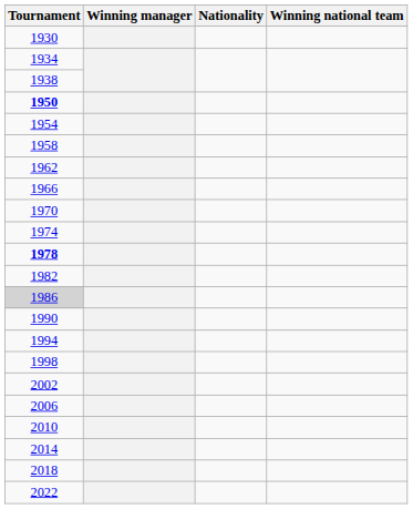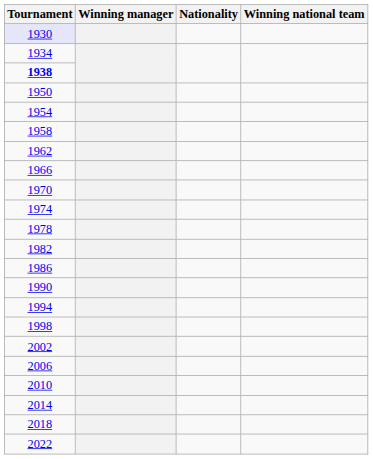 <table class="sortable wikitable plainrowheaders">
 <tr>
 <th scope="col">Tournament</th>
 <th scope="col">Winning manager</th>
 <th scope="col">Nationality</th>
 <th scope="col">Winning national team</th>
 </tr>
 <tr>
-<td style="text-align: center;"><a href='#'>1930</a></td>
+<td style="background: lavender; text-align: center;"><a href='#'>1930</a></td>
 <th scope="row"></th>
 <td></td>
 <td></td>
 </tr>
 <tr>
 <td style="text-align: center;"><a href='#'>1934</a></td>
 <th rowspan="2" scope="row"></th>
 <td rowspan="2"></td>
 <td rowspan="2"></td>
 </tr>
 <tr>
-<td style="text-align: center;"><a href='#'>1938</a></td>
+<td style="text-align: center;"><strong><a href='#'>1938</a></strong></td>
 </tr>
 <tr Juan López Fontana>
-<td style="text-align: center;"><strong><a href='#'>1950</a></strong></td>
+<td style="text-align: center;"><a href='#'>1950</a></td>
 <th scope="row"></th>
 <td></td>
 <td></td>
 </tr>
 <tr>
 <td style="text-align: center;"><a href='#'>1954</a></td>
 <th scope="row"></th>
 <td></td>
 <td></td>
 </tr>
 <tr>
 <td style="text-align: center;"><a href='#'>1958</a></td>
 <th scope="row"></th>
 <td></td>
 <td></td>
 </tr>
 <tr>
 <td style="text-align: center;"><a href='#'>1962</a></td>
 <th scope="row"></th>
 <td></td>
 <td></td>
 </tr>
 <tr>
 <td style="text-align: center;"><a href='#'>1966</a></td>
 <th scope="row"></th>
 <td></td>
 <td></td>
 </tr>
 <tr>
 <td style="text-align: center;"><a href='#'>1970</a></td>
 <th scope="row"></th>
 <td></td>
 <td></td>
 </tr>
 <tr>
 <td style="text-align: center;"><a href='#'>1974</a></td>
 <th scope="row"></th>
 <td></td>
 <td></td>
 </tr>
 <tr>
-<td style="text-align: center;"><strong><a href='#'>1978</a></strong></td>
+<td style="text-align: center;"><a href='#'>1978</a></td>
 <th scope="row"></th>
 <td></td>
 <td></td>
 </tr>
 <tr>
 <td style="text-align: center;"><a href='#'>1982</a></td>
 <th scope="row"></th>
 <td></td>
 <td></td>
 </tr>
 <tr>
-<td style="background: lightgrey; text-align: center;"><a href='#'>1986</a></td>
+<td style="text-align: center;"><a href='#'>1986</a></td>
 <th scope="row"></th>
 <td></td>
 <td></td>
 </tr>
 <tr>
 <td style="text-align: center;"><a href='#'>1990</a></td>
 <th scope="row"></th>
 <td></td>
 <td></td>
 </tr>
 <tr>
 <td style="text-align: center;"><a href='#'>1994</a></td>
 <th scope="row"></th>
 <td></td>
 <td></td>
 </tr>
 <tr>
 <td style="text-align: center;"><a href='#'>1998</a></td>
 <th scope="row"></th>
 <td></td>
 <td></td>
 </tr>
 <tr>
 <td style="text-align: center;"><a href='#'>2002</a></td>
 <th scope="row"></th>
 <td></td>
 <td></td>
 </tr>
 <tr>
 <td style="text-align: center;"><a href='#'>2006</a></td>
 <th scope="row"></th>
 <td></td>
 <td></td>
 </tr>
 <tr>
 <td style="text-align: center;"><a href='#'>2010</a></td>
 <th scope="row"></th>
 <td></td>
 <td></td>
 </tr>
 <tr>
 <td style="text-align: center;"><a href='#'>2014</a></td>
 <th scope="row"></th>
 <td></td>
 <td></td>
 </tr>
 <tr>
 <td style="text-align: center;"><a href='#'>2018</a></td>
 <th scope="row"></th>
 <td></td>
 <td></td>
 </tr>
 <tr>
 <td style="text-align: center;"><a href='#'>2022</a></td>
 <th scope="row"></th>
 <td></td>
 <td></td>
 </tr>
 </table>
